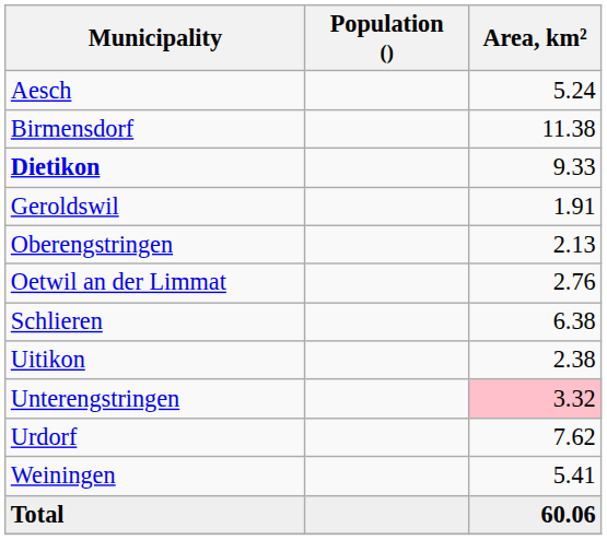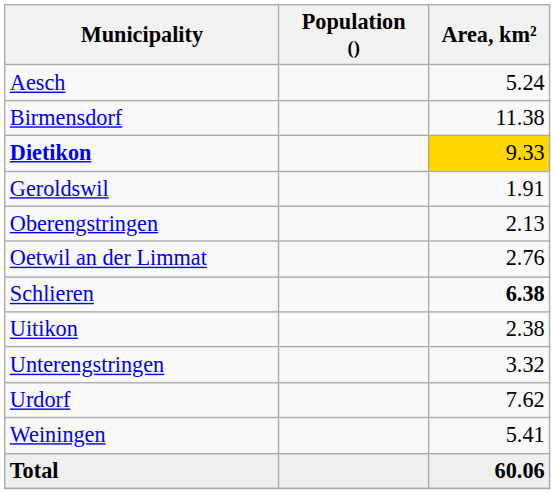 <table class="wikitable">
 <tr>
 <th width="190">Municipality</th>
 <th width="100">Population<br><small>()</small></th>
 <th width="80">Area, km²</th>
 </tr>
 <tr>
 <td><a href='#'>Aesch</a></td>
 <td align="center"></td>
 <td align="right">5.24</td>
 </tr>
 <tr>
 <td><a href='#'>Birmensdorf</a></td>
 <td align="center"></td>
 <td align="right">11.38</td>
 </tr>
 <tr>
 <td><strong><a href='#'>Dietikon</a></strong></td>
 <td align="center"></td>
-<td align="right">9.33</td>
+<td align="right" style="background: gold;">9.33</td>
 </tr>
 <tr>
 <td><a href='#'>Geroldswil</a></td>
 <td align="center"></td>
 <td align="right">1.91</td>
 </tr>
 <tr>
 <td><a href='#'>Oberengstringen</a></td>
 <td align="center"></td>
 <td align="right">2.13</td>
 </tr>
 <tr>
 <td><a href='#'>Oetwil an der Limmat</a></td>
 <td align="center"></td>
 <td align="right">2.76</td>
 </tr>
 <tr>
 <td><a href='#'>Schlieren</a></td>
 <td align="center"></td>
-<td align="right">6.38</td>
+<td align="right"><strong>6.38</strong></td>
 </tr>
 <tr>
 <td><a href='#'>Uitikon</a></td>
 <td align="center"></td>
 <td align="right">2.38</td>
 </tr>
 <tr>
 <td><a href='#'>Unterengstringen</a></td>
 <td align="center"></td>
-<td align="right" style="background: pink;">3.32</td>
+<td align="right">3.32</td>
 </tr>
 <tr>
 <td><a href='#'>Urdorf</a></td>
 <td align="center"></td>
 <td align="right">7.62</td>
 </tr>
 <tr>
 <td><a href='#'>Weiningen</a></td>
 <td align="center"></td>
 <td align="right">5.41</td>
 </tr>
 <tr style="background-color:#EFEFEF;">
 <td><strong>Total</strong></td>
 <td align="center"><strong></strong></td>
 <td align="right"><strong>60.06</strong></td>
 </tr>
 <tr>
 </tr>
 </table>
